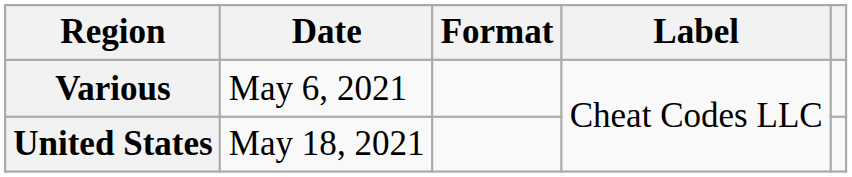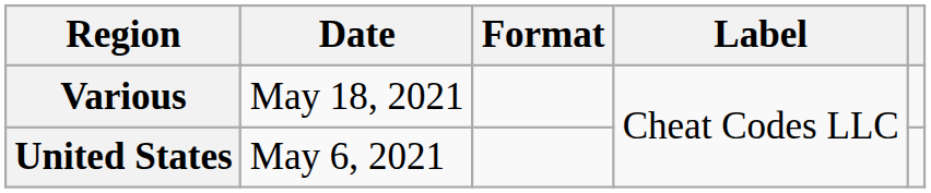 <table class="wikitable plainrowheaders">
 <tr>
 <th scope="col">Region</th>
 <th scope="col">Date</th>
 <th scope="col">Format</th>
 <th scope="col">Label</th>
 <th scope="col"></th>
 </tr>
 <tr>
 <th scope="row">Various</th>
-<td>May 6, 2021</td>
+<td>May 18, 2021</td>
 <td></td>
 <td rowspan="2">Cheat Codes LLC</td>
 <td></td>
 </tr>
 <tr>
 <th scope="row">United States</th>
-<td>May 18, 2021</td>
+<td>May 6, 2021</td>
 <td></td>
 <td></td>
 </tr>
 </table>
